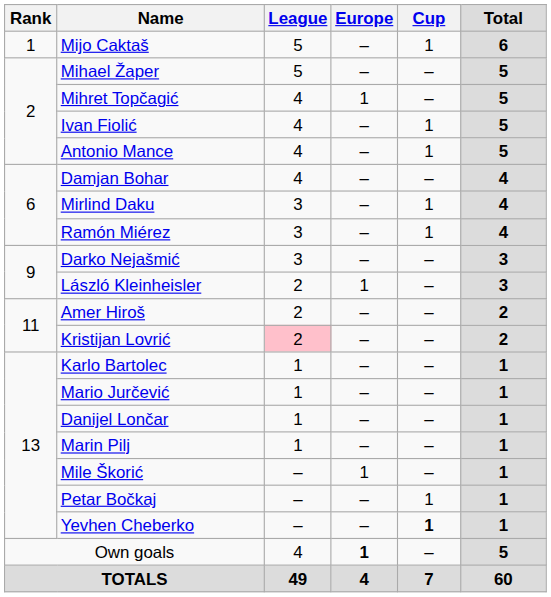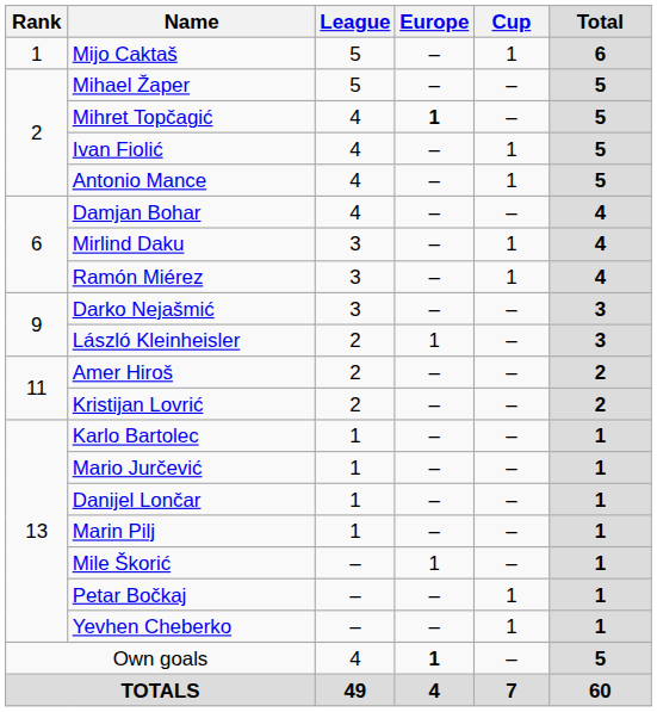 <table class="wikitable" style="font-size: 95%; text-align: center;">
 <tr>
 <th width=40>Rank</th>
 <th width=180>Name</th>
 <th width=50><a href='#'>League</a></th>
 <th width=50><a href='#'>Europe</a></th>
 <th width=50><a href='#'>Cup</a></th>
 <th width=70 style="background: #DCDCDC">Total</th>
 </tr>
 <tr>
 <td rowspan=1>1</td>
 <td style="text-align:left;"> <a href='#'>Mijo Caktaš</a></td>
 <td>5</td>
 <td>–</td>
 <td>1</td>
 <th style="background: #DCDCDC">6</th>
 </tr>
 <tr>
 <td rowspan=4>2</td>
 <td style="text-align:left;"> <a href='#'>Mihael Žaper</a></td>
 <td>5</td>
 <td>–</td>
 <td>–</td>
 <th style="background: #DCDCDC">5</th>
 </tr>
 <tr>
 <td style="text-align:left;"> <a href='#'>Mihret Topčagić</a></td>
 <td>4</td>
-<td>1</td>
+<td><strong>1</strong></td>
 <td>–</td>
 <th style="background: #DCDCDC">5</th>
 </tr>
 <tr>
 <td style="text-align:left;"> <a href='#'>Ivan Fiolić</a></td>
 <td>4</td>
 <td>–</td>
 <td>1</td>
 <th style="background: #DCDCDC">5</th>
 </tr>
 <tr>
 <td style="text-align:left;"> <a href='#'>Antonio Mance</a></td>
 <td>4</td>
 <td>–</td>
 <td>1</td>
 <th style="background: #DCDCDC">5</th>
 </tr>
 <tr>
 <td rowspan=3>6</td>
 <td style="text-align:left;"> <a href='#'>Damjan Bohar</a></td>
 <td>4</td>
 <td>–</td>
 <td>–</td>
 <th style="background: #DCDCDC">4</th>
 </tr>
 <tr>
 <td style="text-align:left;"> <a href='#'>Mirlind Daku</a></td>
 <td>3</td>
 <td>–</td>
 <td>1</td>
 <th style="background: #DCDCDC">4</th>
 </tr>
 <tr>
 <td style="text-align:left;"> <a href='#'>Ramón Miérez</a></td>
 <td>3</td>
 <td>–</td>
 <td>1</td>
 <th style="background: #DCDCDC">4</th>
 </tr>
 <tr>
 <td rowspan=2>9</td>
 <td style="text-align:left;"> <a href='#'>Darko Nejašmić</a></td>
 <td>3</td>
 <td>–</td>
 <td>–</td>
 <th style="background: #DCDCDC">3</th>
 </tr>
 <tr>
 <td style="text-align:left;"> <a href='#'>László Kleinheisler</a></td>
 <td>2</td>
 <td>1</td>
 <td>–</td>
 <th style="background: #DCDCDC">3</th>
 </tr>
 <tr>
 <td rowspan=2>11</td>
 <td style="text-align:left;"> <a href='#'>Amer Hiroš</a></td>
 <td>2</td>
 <td>–</td>
 <td>–</td>
 <th style="background: #DCDCDC">2</th>
 </tr>
 <tr>
 <td style="text-align:left;"> <a href='#'>Kristijan Lovrić</a></td>
-<td style="background: pink;">2</td>
+<td>2</td>
 <td>–</td>
 <td>–</td>
 <th style="background: #DCDCDC">2</th>
 </tr>
 <tr>
 <td rowspan=7>13</td>
 <td style="text-align:left;"> <a href='#'>Karlo Bartolec</a></td>
 <td>1</td>
 <td>–</td>
 <td>–</td>
 <th style="background: #DCDCDC">1</th>
 </tr>
 <tr>
 <td style="text-align:left;"> <a href='#'>Mario Jurčević</a></td>
 <td>1</td>
 <td>–</td>
 <td>–</td>
 <th style="background: #DCDCDC">1</th>
 </tr>
 <tr>
 <td style="text-align:left;"> <a href='#'>Danijel Lončar</a></td>
 <td>1</td>
 <td>–</td>
 <td>–</td>
 <th style="background: #DCDCDC">1</th>
 </tr>
 <tr>
 <td style="text-align:left;"> <a href='#'>Marin Pilj</a></td>
 <td>1</td>
 <td>–</td>
 <td>–</td>
 <th style="background: #DCDCDC">1</th>
 </tr>
 <tr>
 <td style="text-align:left;"> <a href='#'>Mile Škorić</a></td>
 <td>–</td>
 <td>1</td>
 <td>–</td>
 <th style="background: #DCDCDC">1</th>
 </tr>
 <tr>
 <td style="text-align:left;"> <a href='#'>Petar Bočkaj</a></td>
 <td>–</td>
 <td>–</td>
 <td>1</td>
 <th style="background: #DCDCDC">1</th>
 </tr>
 <tr>
 <td style="text-align:left;"> <a href='#'>Yevhen Cheberko</a></td>
 <td>–</td>
 <td>–</td>
-<td><strong>1</strong></td>
+<td>1</td>
 <th style="background: #DCDCDC">1</th>
 </tr>
 <tr>
 <td colspan=2 style="text-align:center;">Own goals</td>
 <td>4</td>
 <td><strong>1</strong></td>
 <td>–</td>
 <th style="background: #DCDCDC">5</th>
 </tr>
 <tr>
 <th colspan="2" align="center" style="background: #DCDCDC">TOTALS</th>
 <th style="background: #DCDCDC">49</th>
 <th style="background: #DCDCDC">4</th>
 <th style="background: #DCDCDC">7</th>
 <th style="background: #DCDCDC">60</th>
 </tr>
 </table>
